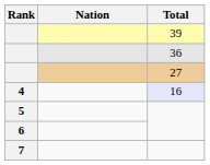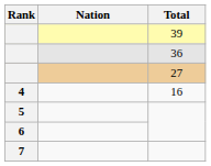 <table class="wikitable sortable" style="text-align:center; font-size:85%">
 <tr>
 <th scope="col" style="width:25px;">Rank</th>
 <th ! scope="col" style="width:120px;">Nation</th>
 <th ! scope="col" style="width:60px;">Total</th>
 </tr>
 <tr bgcolor=fffcaf>
 <th scope=row></th>
 <td align=left></td>
 <td>39</td>
 </tr>
 <tr bgcolor=e5e5e5>
 <th scope=row></th>
 <td align=left></td>
 <td>36</td>
 </tr>
 <tr bgcolor=eecc99>
 <th scope=row></th>
 <td align=left></td>
 <td>27</td>
 </tr>
 <tr>
 <th scope=row>4</th>
 <td align=left></td>
-<td style="background: lavender;">16</td>
+<td>16</td>
 </tr>
 <tr>
 <th scope=row>5</th>
 <td align=left></td>
 <td rowspan=2></td>
 </tr>
 <tr>
 <th scope=row>6</th>
 <td align=left></td>
 </tr>
 <tr>
 <th scope=row>7</th>
 <td align=left></td>
 <td></td>
 </tr>
 </table>
